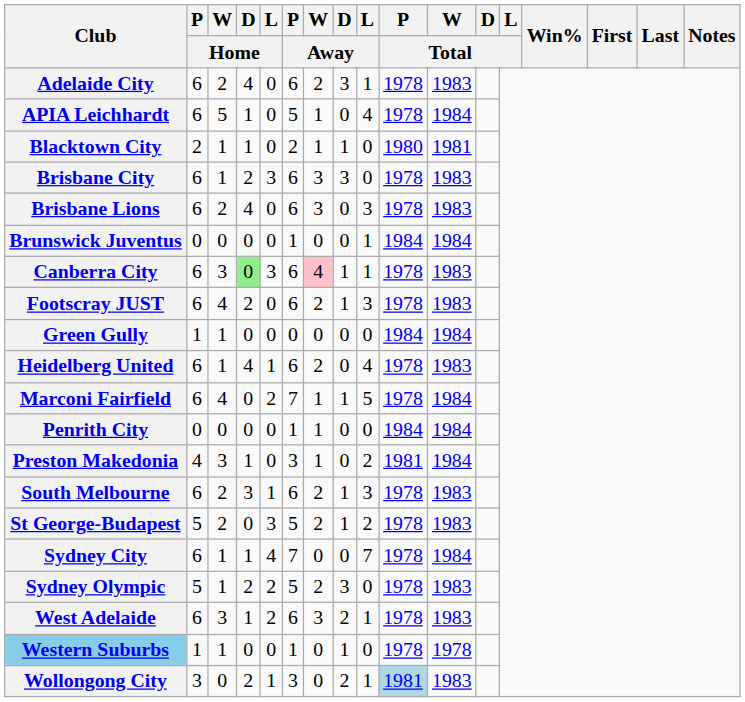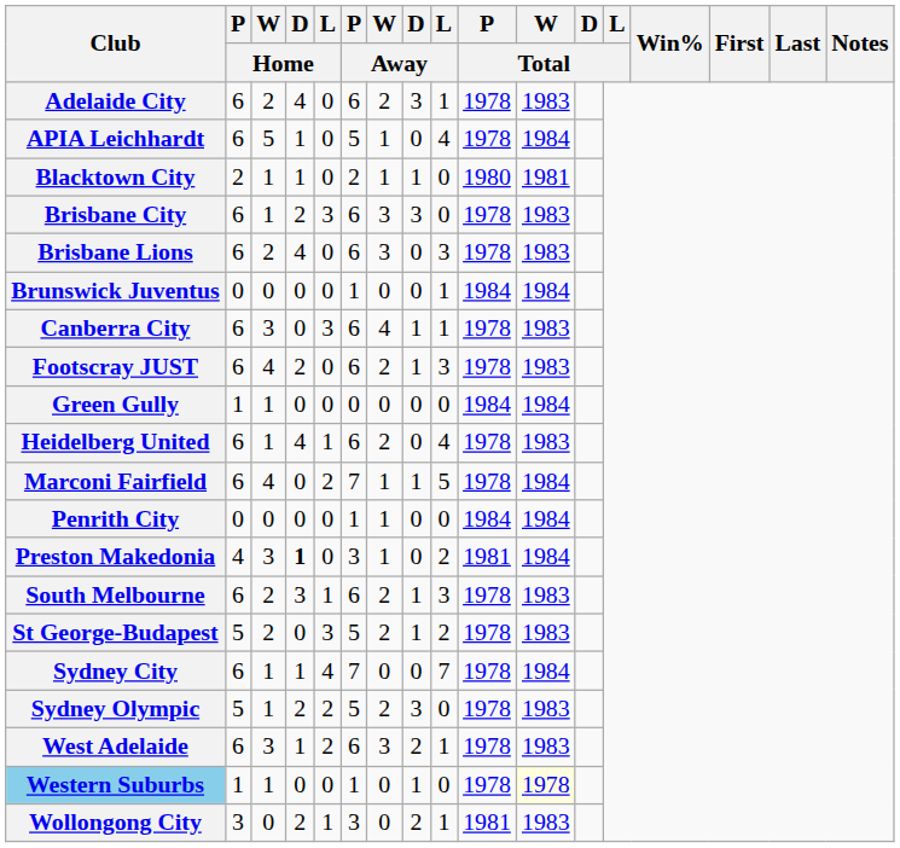 <table class="wikitable plainrowheaders sortable" style="text-align:center">
 <tr>
 <th scope=col rowspan=2>Club</th>
 <th scope=col>P</th>
 <th scope=col>W</th>
 <th scope=col>D</th>
 <th scope=col>L</th>
 <th scope=col>P</th>
 <th scope=col>W</th>
 <th scope=col>D</th>
 <th scope=col>L</th>
 <th scope=col>P</th>
 <th scope=col>W</th>
 <th scope=col>D</th>
 <th scope=col>L</th>
 <th rowspan=2 scope=col>Win%</th>
 <th rowspan=2 scope=col>First</th>
 <th rowspan=2 scope=col>Last</th>
 <th class="unsortable" rowspan=2 scope=col>Notes</th>
 </tr>
 <tr class="unsortable">
 <th colspan=4>Home</th>
 <th colspan=4>Away</th>
 <th colspan=4>Total</th>
 </tr>
 <tr>
 <th scope=row><a href='#'>Adelaide City</a></th>
 <td>6</td>
 <td>2</td>
 <td>4</td>
 <td>0</td>
 <td>6</td>
 <td>2</td>
 <td>3</td>
 <td>1<br></td>
 <td><a href='#'>1978</a></td>
 <td><a href='#'>1983</a></td>
 <td></td>
 </tr>
 <tr>
 <th scope=row><a href='#'>APIA Leichhardt</a></th>
 <td>6</td>
 <td>5</td>
 <td>1</td>
 <td>0</td>
 <td>5</td>
 <td>1</td>
 <td>0</td>
 <td>4<br></td>
 <td><a href='#'>1978</a></td>
 <td><a href='#'>1984</a></td>
 <td></td>
 </tr>
 <tr>
 <th scope=row><a href='#'>Blacktown City</a></th>
 <td>2</td>
 <td>1</td>
 <td>1</td>
 <td>0</td>
 <td>2</td>
 <td>1</td>
 <td>1</td>
 <td>0<br></td>
 <td><a href='#'>1980</a></td>
 <td><a href='#'>1981</a></td>
 <td></td>
 </tr>
 <tr>
 <th scope=row><a href='#'>Brisbane City</a></th>
 <td>6</td>
 <td>1</td>
 <td>2</td>
 <td>3</td>
 <td>6</td>
 <td>3</td>
 <td>3</td>
 <td>0<br></td>
 <td><a href='#'>1978</a></td>
 <td><a href='#'>1983</a></td>
 <td></td>
 </tr>
 <tr>
 <th scope=row><a href='#'>Brisbane Lions</a></th>
 <td>6</td>
 <td>2</td>
 <td>4</td>
 <td>0</td>
 <td>6</td>
 <td>3</td>
 <td>0</td>
 <td>3<br></td>
 <td><a href='#'>1978</a></td>
 <td><a href='#'>1983</a></td>
 <td></td>
 </tr>
 <tr>
 <th scope=row><a href='#'>Brunswick Juventus</a></th>
 <td>0</td>
 <td>0</td>
 <td>0</td>
 <td>0</td>
 <td>1</td>
 <td>0</td>
 <td>0</td>
 <td>1<br></td>
 <td><a href='#'>1984</a></td>
 <td><a href='#'>1984</a></td>
 <td></td>
 </tr>
 <tr>
 <th scope=row><a href='#'>Canberra City</a></th>
 <td>6</td>
 <td>3</td>
-<td style="background: lightgreen;">0</td>
+<td>0</td>
 <td>3</td>
 <td>6</td>
-<td style="background: pink;">4</td>
+<td>4</td>
 <td>1</td>
 <td>1<br></td>
 <td><a href='#'>1978</a></td>
 <td><a href='#'>1983</a></td>
 <td></td>
 </tr>
 <tr>
 <th scope=row><a href='#'>Footscray JUST</a></th>
 <td>6</td>
 <td>4</td>
 <td>2</td>
 <td>0</td>
 <td>6</td>
 <td>2</td>
 <td>1</td>
 <td>3<br></td>
 <td><a href='#'>1978</a></td>
 <td><a href='#'>1983</a></td>
 <td></td>
 </tr>
 <tr>
 <th scope=row><a href='#'>Green Gully</a></th>
 <td>1</td>
 <td>1</td>
 <td>0</td>
 <td>0</td>
 <td>0</td>
 <td>0</td>
 <td>0</td>
 <td>0<br></td>
 <td><a href='#'>1984</a></td>
 <td><a href='#'>1984</a></td>
 <td></td>
 </tr>
 <tr>
 <th scope=row><a href='#'>Heidelberg United</a></th>
 <td>6</td>
 <td>1</td>
 <td>4</td>
 <td>1</td>
 <td>6</td>
 <td>2</td>
 <td>0</td>
 <td>4<br></td>
 <td><a href='#'>1978</a></td>
 <td><a href='#'>1983</a></td>
 <td></td>
 </tr>
 <tr>
 <th scope=row><a href='#'>Marconi Fairfield</a></th>
 <td>6</td>
 <td>4</td>
 <td>0</td>
 <td>2</td>
 <td>7</td>
 <td>1</td>
 <td>1</td>
 <td>5<br></td>
 <td><a href='#'>1978</a></td>
 <td><a href='#'>1984</a></td>
 <td></td>
 </tr>
 <tr>
 <th scope=row><a href='#'>Penrith City</a></th>
 <td>0</td>
 <td>0</td>
 <td>0</td>
 <td>0</td>
 <td>1</td>
 <td>1</td>
 <td>0</td>
 <td>0<br></td>
 <td><a href='#'>1984</a></td>
 <td><a href='#'>1984</a></td>
 <td></td>
 </tr>
 <tr>
 <th scope=row><a href='#'>Preston Makedonia</a></th>
 <td>4</td>
 <td>3</td>
-<td>1</td>
+<td><strong>1</strong></td>
 <td>0</td>
 <td>3</td>
 <td>1</td>
 <td>0</td>
 <td>2<br></td>
 <td><a href='#'>1981</a></td>
 <td><a href='#'>1984</a></td>
 <td></td>
 </tr>
 <tr>
 <th scope=row><a href='#'>South Melbourne</a></th>
 <td>6</td>
 <td>2</td>
 <td>3</td>
 <td>1</td>
 <td>6</td>
 <td>2</td>
 <td>1</td>
 <td>3<br></td>
 <td><a href='#'>1978</a></td>
 <td><a href='#'>1983</a></td>
 <td></td>
 </tr>
 <tr>
 <th scope=row><a href='#'>St George-Budapest</a></th>
 <td>5</td>
 <td>2</td>
 <td>0</td>
 <td>3</td>
 <td>5</td>
 <td>2</td>
 <td>1</td>
 <td>2<br></td>
 <td><a href='#'>1978</a></td>
 <td><a href='#'>1983</a></td>
 <td></td>
 </tr>
 <tr>
 <th scope=row><a href='#'>Sydney City</a></th>
 <td>6</td>
 <td>1</td>
 <td>1</td>
 <td>4</td>
 <td>7</td>
 <td>0</td>
 <td>0</td>
 <td>7<br></td>
 <td><a href='#'>1978</a></td>
 <td><a href='#'>1984</a></td>
 <td></td>
 </tr>
 <tr>
 <th scope=row><a href='#'>Sydney Olympic</a></th>
 <td>5</td>
 <td>1</td>
 <td>2</td>
 <td>2</td>
 <td>5</td>
 <td>2</td>
 <td>3</td>
 <td>0<br></td>
 <td><a href='#'>1978</a></td>
 <td><a href='#'>1983</a></td>
 <td></td>
 </tr>
 <tr>
 <th scope=row><a href='#'>West Adelaide</a></th>
 <td>6</td>
 <td>3</td>
 <td>1</td>
 <td>2</td>
 <td>6</td>
 <td>3</td>
 <td>2</td>
 <td>1<br></td>
 <td><a href='#'>1978</a></td>
 <td><a href='#'>1983</a></td>
 <td></td>
 </tr>
 <tr>
 <th scope=row style=background:#87CEEB><a href='#'>Western Suburbs</a> </th>
 <td>1</td>
 <td>1</td>
 <td>0</td>
 <td>0</td>
 <td>1</td>
 <td>0</td>
 <td>1</td>
 <td>0<br></td>
 <td><a href='#'>1978</a></td>
-<td><a href='#'>1978</a></td>
+<td style="background: lightyellow;"><a href='#'>1978</a></td>
 <td></td>
 </tr>
 <tr>
 <th scope=row><a href='#'>Wollongong City</a></th>
 <td>3</td>
 <td>0</td>
 <td>2</td>
 <td>1</td>
 <td>3</td>
 <td>0</td>
 <td>2</td>
 <td>1<br></td>
-<td style="background: lightblue;"><a href='#'>1981</a></td>
+<td><a href='#'>1981</a></td>
 <td><a href='#'>1983</a></td>
 <td></td>
 </tr>
 </table>
